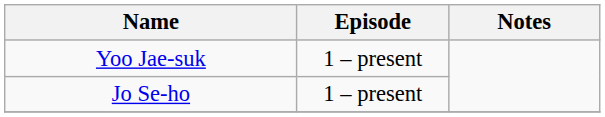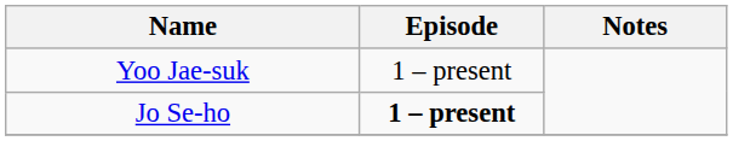 <table class=wikitable style=text-align:center>
 <tr>
 <th style=width:200px>Name</th>
 <th style=width:100px>Episode</th>
 <th style=width:100px>Notes</th>
 </tr>
 <tr>
 <td><a href='#'>Yoo Jae-suk</a></td>
 <td>1 – present</td>
 <td rowspan=2></td>
 </tr>
 <tr>
 <td><a href='#'>Jo Se-ho</a></td>
-<td>1 – present</td>
+<td><strong>1 – present</strong></td>
 </tr>
 <tr>
 </tr>
 </table>
